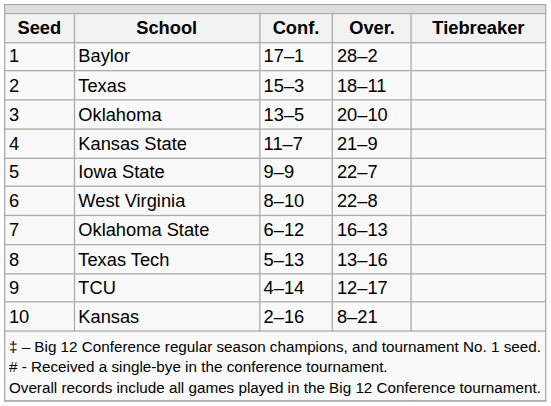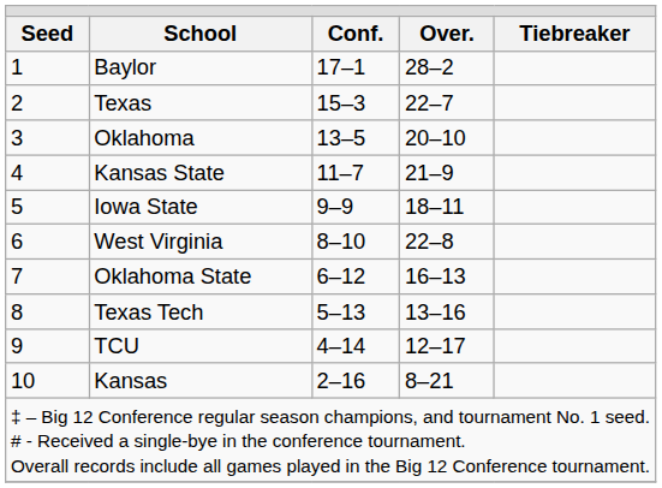 <table class="wikitable" style="white-space:nowrap; font-size:90%;">
 <tr>
 <td colspan="10" style="text-align:center; background:#DDDDDD; font:#000000"><strong></strong></td>
 </tr>
 <tr bgcolor="#efefef">
 <th>Seed</th>
 <th>School</th>
 <th>Conf.</th>
 <th>Over.</th>
 <th>Tiebreaker</th>
 </tr>
 <tr>
 <td>1</td>
 <td>Baylor</td>
 <td>17–1</td>
 <td>28–2</td>
 <td></td>
 </tr>
 <tr>
 <td>2</td>
 <td>Texas</td>
 <td>15–3</td>
-<td>18–11</td>
+<td>22–7</td>
 <td></td>
 </tr>
 <tr>
 <td>3</td>
 <td>Oklahoma</td>
 <td>13–5</td>
 <td>20–10</td>
 <td></td>
 </tr>
 <tr>
 <td>4</td>
 <td>Kansas State</td>
 <td>11–7</td>
 <td>21–9</td>
 <td></td>
 </tr>
 <tr>
 <td>5</td>
 <td>Iowa State</td>
 <td>9–9</td>
-<td>22–7</td>
+<td>18–11</td>
 <td></td>
 </tr>
 <tr>
 <td>6</td>
 <td>West Virginia</td>
 <td>8–10</td>
 <td>22–8</td>
 <td></td>
 </tr>
 <tr>
 <td>7</td>
 <td>Oklahoma State</td>
 <td>6–12</td>
 <td>16–13</td>
 <td></td>
 </tr>
 <tr>
 <td>8</td>
 <td>Texas Tech</td>
 <td>5–13</td>
 <td>13–16</td>
 <td></td>
 </tr>
 <tr>
 <td>9</td>
 <td>TCU</td>
 <td>4–14</td>
 <td>12–17</td>
 <td></td>
 </tr>
 <tr>
 <td>10</td>
 <td>Kansas</td>
 <td>2–16</td>
 <td>8–21</td>
 <td></td>
 </tr>
 <tr>
 <td colspan="10" style="text-align:left;"><small>‡ – Big 12 Conference regular season champions, and tournament No. 1 seed.<br># - Received a single-bye in the conference tournament.<br>Overall records include all games played in the Big 12 Conference tournament.</small></td>
 </tr>
 <tr>
 </tr>
 </table>
